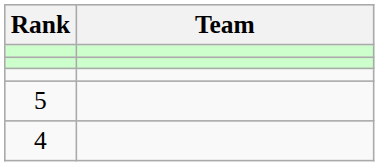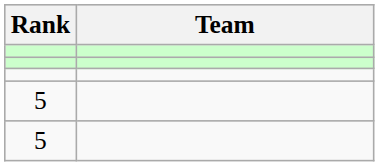 <table class=wikitable style="text-align:center;">
 <tr>
 <th>Rank</th>
 <th width=180>Team</th>
 </tr>
 <tr bgcolor=ccffcc>
 <td></td>
 <td align=left></td>
 </tr>
 <tr bgcolor=ccffcc>
 <td></td>
 <td align=left></td>
 </tr>
 <tr>
 <td></td>
 <td align=left></td>
 </tr>
 <tr>
 <td>5</td>
 <td align=left></td>
 </tr>
 <tr>
-<td>4</td>
+<td>5</td>
 <td align=left></td>
 </tr>
 </table>
